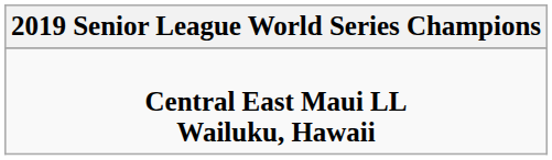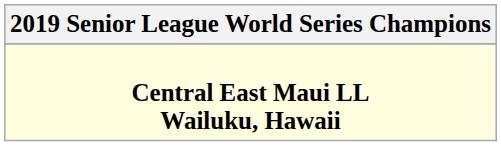 <table class="wikitable" style="text-align: center; margin: 0 auto;">
 <tr>
 <th>2019 Senior League World Series Champions</th>
 </tr>
 <tr>
 </tr>
 <tr>
-<td><br><strong>Central East Maui LL</strong><br> <strong>Wailuku, Hawaii</strong></td>
+<td style="background: lightyellow;"><br><strong>Central East Maui LL</strong><br> <strong>Wailuku, Hawaii</strong></td>
 </tr>
 </table>
